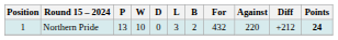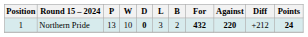 <table class="wikitable" style="text-align:center; font-size:85%;">
 <tr style="background: #d7ebed;">
 <th width="40" abbr="Position">Position</th>
 <th width="100">Round 15 – 2024</th>
 <th width="20" abbr="Played">P</th>
 <th width="20" abbr="Won">W</th>
 <th width="20" abbr="Drawn">D</th>
 <th width="20" abbr="Lost">L</th>
 <th width="20" abbr="Bye">B</th>
 <th width="40" abbr="Points for">For</th>
 <th width="40" abbr="Points against">Against</th>
 <th width="40" abbr="Points difference">Diff</th>
 <th width="40" abbr="Points">Points</th>
 </tr>
 <tr style="background: #d7ebed;">
 <td>1</td>
 <td style="text-align:left;"> Northern Pride</td>
 <td>13</td>
 <td>10</td>
-<td>0</td>
+<td><strong>0</strong></td>
 <td>3</td>
 <td>2</td>
-<td>432</td>
-<td>220</td>
+<td><strong>432</strong></td>
+<td><strong>220</strong></td>
 <td>+212</td>
 <td><strong>24</strong></td>
 </tr>
 <tr>
 </tr>
 </table>
